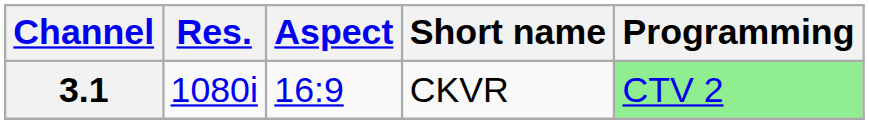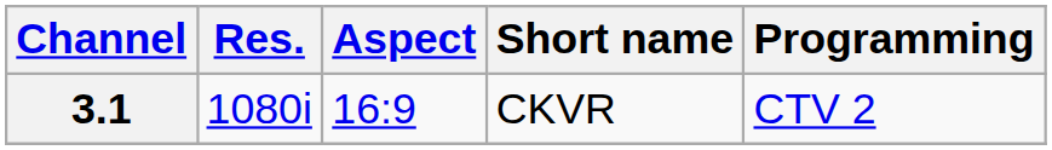 <table class="wikitable">
 <tr>
 <th><a href='#'>Channel</a></th>
 <th><a href='#'>Res.</a></th>
 <th><a href='#'>Aspect</a></th>
 <th>Short name</th>
 <th>Programming</th>
 </tr>
 <tr>
 <th scope = "row">3.1</th>
 <td><a href='#'>1080i</a></td>
 <td><a href='#'>16:9</a></td>
 <td>CKVR</td>
-<td style="background: lightgreen;"><a href='#'>CTV 2</a></td>
+<td><a href='#'>CTV 2</a></td>
 </tr>
 <tr>
 </tr>
 </table>
